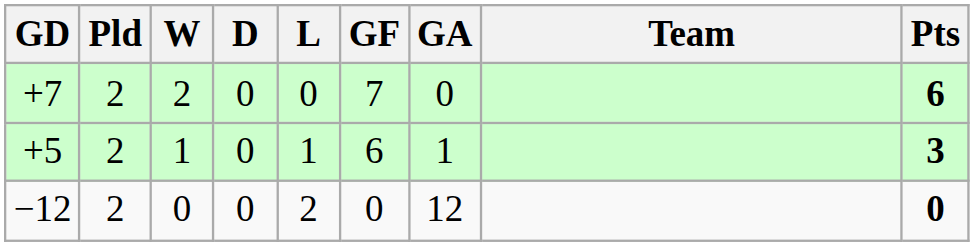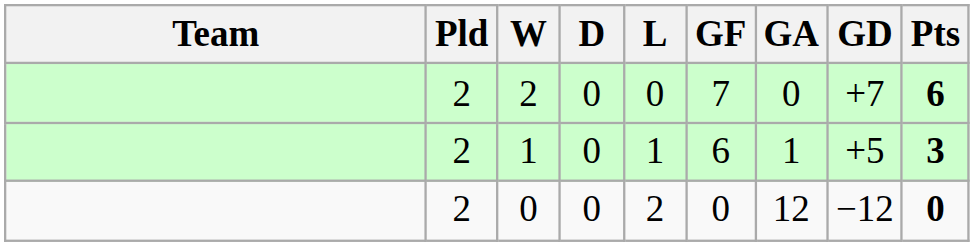 <table class="wikitable" style="text-align:center;">
 <tr>
-<th width=20 abbr="Goal difference">GD</th>
+<th width=175>Team</th>
 <th width=20 abbr="Played">Pld</th>
 <th width=20 abbr="Won">W</th>
 <th width=20 abbr="Drawn">D</th>
 <th width=20 abbr="Lost">L</th>
 <th width=20 abbr="Goals for">GF</th>
 <th width=20 abbr="Goals against">GA</th>
-<th width=175>Team</th>
+<th width=20 abbr="Goal difference">GD</th>
 <th width=20 abbr="Points">Pts</th>
 </tr>
 <tr bgcolor=#ccffcc>
-<td>+7</td>
+<td align=left></td>
 <td>2</td>
 <td>2</td>
 <td>0</td>
 <td>0</td>
 <td>7</td>
 <td>0</td>
-<td align=left></td>
+<td>+7</td>
 <td><strong>6</strong></td>
 </tr>
 <tr bgcolor=#ccffcc>
-<td>+5</td>
+<td align=left></td>
 <td>2</td>
 <td>1</td>
 <td>0</td>
 <td>1</td>
 <td>6</td>
 <td>1</td>
-<td align=left></td>
+<td>+5</td>
 <td><strong>3</strong></td>
 </tr>
 <tr>
-<td>−12</td>
+<td align=left></td>
 <td>2</td>
 <td>0</td>
 <td>0</td>
 <td>2</td>
 <td>0</td>
 <td>12</td>
-<td align=left></td>
+<td>−12</td>
 <td><strong>0</strong></td>
 </tr>
 </table>
